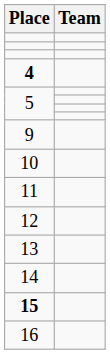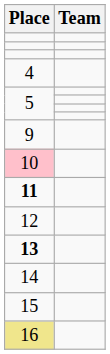 <table class="wikitable">
 <tr>
 <th>Place</th>
 <th>Team</th>
 </tr>
 <tr>
 <td align=center></td>
 <td></td>
 </tr>
 <tr>
 <td align=center></td>
 <td></td>
 </tr>
 <tr>
 <td align=center></td>
 <td></td>
 </tr>
 <tr>
-<td align=center><strong>4</strong></td>
+<td align=center>4</td>
 <td></td>
 </tr>
 <tr>
 <td rowspan=4 align=center>5</td>
 <td></td>
 </tr>
 <tr>
 <td></td>
 </tr>
 <tr>
 <td></td>
 </tr>
 <tr>
 <td></td>
 </tr>
 <tr>
 <td align=center>9</td>
 <td></td>
 </tr>
 <tr>
-<td align=center>10</td>
+<td align=center style="background: pink;">10</td>
 <td></td>
 </tr>
 <tr>
-<td align=center>11</td>
+<td align=center><strong>11</strong></td>
 <td></td>
 </tr>
 <tr>
 <td align=center>12</td>
 <td></td>
 </tr>
 <tr>
-<td align=center>13</td>
+<td align=center><strong>13</strong></td>
 <td></td>
 </tr>
 <tr>
 <td align=center>14</td>
 <td></td>
 </tr>
 <tr>
-<td align=center><strong>15</strong></td>
+<td align=center>15</td>
 <td></td>
 </tr>
 <tr>
-<td align=center>16</td>
+<td align=center style="background: khaki;">16</td>
 <td></td>
 </tr>
 </table>
